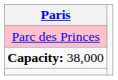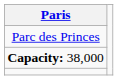 <table class="wikitable" style="text-align:center">
 <tr>
 <th><a href='#'>Paris</a></th>
 <td rowspan="4"></td>
 </tr>
 <tr>
-<td style="background: pink;"><a href='#'>Parc des Princes</a></td>
+<td><a href='#'>Parc des Princes</a></td>
 </tr>
 <tr>
 <td><strong>Capacity:</strong> 38,000</td>
 </tr>
 <tr>
 <td></td>
 </tr>
 </table>
